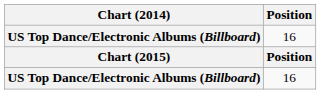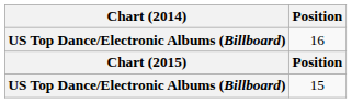 <table class="wikitable plainrowheaders" style="text-align:center">
 <tr>
 <th>Chart (2014)</th>
 <th>Position</th>
 </tr>
 <tr>
 <th scope="row">US Top Dance/Electronic Albums (<em>Billboard</em>)</th>
 <td>16</td>
 </tr>
 <tr>
 <th>Chart (2015)</th>
 <th>Position</th>
 </tr>
 <tr>
 <th scope="row">US Top Dance/Electronic Albums (<em>Billboard</em>)</th>
-<td>16</td>
+<td>15</td>
 </tr>
 </table>
